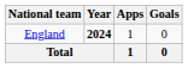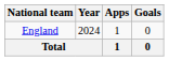 <table class="wikitable" style="text-align:center">
 <tr>
 <th>National team</th>
 <th>Year</th>
 <th>Apps</th>
 <th>Goals</th>
 </tr>
 <tr>
 <td rowspan="1"><a href='#'>England</a></td>
-<td><strong>2024</strong></td>
+<td>2024</td>
 <td>1</td>
 <td>0</td>
 </tr>
 <tr>
 <th colspan="2">Total</th>
 <th>1</th>
 <th>0</th>
 </tr>
 </table>
